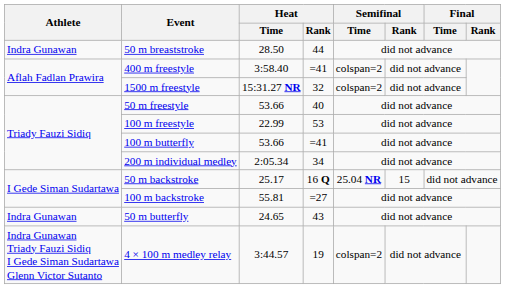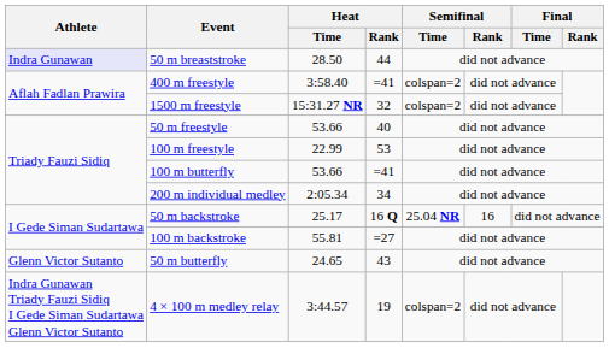 <table class=wikitable style="font-size:90%">
 <tr>
 <th rowspan="2">Athlete</th>
 <th rowspan="2">Event</th>
 <th colspan="2">Heat</th>
 <th colspan="2">Semifinal</th>
 <th colspan="2">Final</th>
 </tr>
 <tr style="font-size:95%">
 <th>Time</th>
 <th>Rank</th>
 <th>Time</th>
 <th>Rank</th>
 <th>Time</th>
 <th>Rank</th>
 </tr>
 <tr align=center>
-<td align=left><a href='#'>Indra Gunawan</a></td>
+<td align=left style="background: lavender;"><a href='#'>Indra Gunawan</a></td>
 <td align=left><a href='#'>50 m breaststroke</a></td>
 <td>28.50</td>
 <td>44</td>
 <td colspan=4>did not advance</td>
 </tr>
 <tr align=center>
 <td align=left rowspan=2><a href='#'>Aflah Fadlan Prawira</a></td>
 <td align=left><a href='#'>400 m freestyle</a></td>
 <td>3:58.40</td>
 <td>=41</td>
 <td>colspan=2 </td>
 <td colspan=2>did not advance</td>
 </tr>
 <tr align=center>
 <td align=left><a href='#'>1500 m freestyle</a></td>
 <td>15:31.27  <strong><a href='#'>NR</a></strong></td>
 <td>32</td>
 <td>colspan=2 </td>
 <td colspan=2>did not advance</td>
 </tr>
 <tr align=center>
 <td align=left rowspan=4><a href='#'>Triady Fauzi Sidiq</a></td>
 <td align=left><a href='#'>50 m freestyle</a></td>
 <td>53.66</td>
 <td>40</td>
 <td colspan=4>did not advance</td>
 </tr>
 <tr align=center>
 <td align=left><a href='#'>100 m freestyle</a></td>
 <td>22.99</td>
 <td>53</td>
 <td colspan=4>did not advance</td>
 </tr>
 <tr align=center>
 <td align=left><a href='#'>100 m butterfly</a></td>
 <td>53.66</td>
 <td>=41</td>
 <td colspan=4>did not advance</td>
 </tr>
 <tr align=center>
 <td align=left><a href='#'>200 m individual medley</a></td>
 <td>2:05.34</td>
 <td>34</td>
 <td colspan=4>did not advance</td>
 </tr>
 <tr align=center>
 <td align=left rowspan=2><a href='#'>I Gede Siman Sudartawa</a></td>
 <td align=left><a href='#'>50 m backstroke</a></td>
 <td>25.17</td>
 <td>16 <strong>Q</strong></td>
 <td>25.04 <strong><a href='#'>NR</a></strong></td>
-<td>15</td>
+<td>16</td>
 <td colspan=2>did not advance</td>
 </tr>
 <tr align=center>
 <td align=left><a href='#'>100 m backstroke</a></td>
 <td>55.81</td>
 <td>=27</td>
 <td colspan=4>did not advance</td>
 </tr>
 <tr align=center>
-<td align=left><a href='#'>Indra Gunawan</a></td>
+<td align=left><a href='#'>Glenn Victor Sutanto</a></td>
 <td align=left><a href='#'>50 m butterfly</a></td>
 <td>24.65</td>
 <td>43</td>
 <td colspan=4>did not advance</td>
 </tr>
 <tr align=center>
 <td align=left><a href='#'>Indra Gunawan</a><br><a href='#'>Triady Fauzi Sidiq</a><br><a href='#'>I Gede Siman Sudartawa</a><br><a href='#'>Glenn Victor Sutanto</a></td>
 <td align=left><a href='#'>4 × 100 m medley relay</a></td>
 <td>3:44.57</td>
 <td>19</td>
 <td>colspan=2 </td>
 <td colspan=2>did not advance</td>
 </tr>
 </table>
